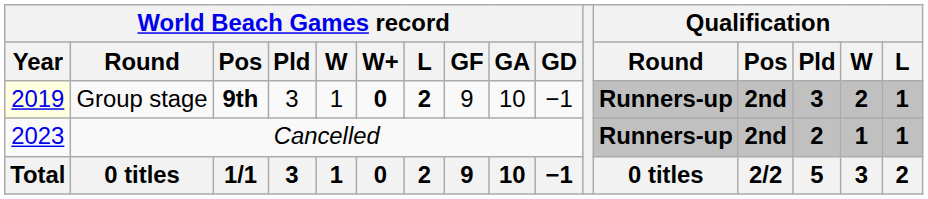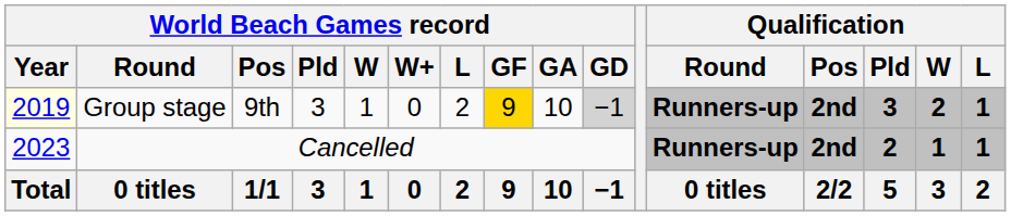 <table class="wikitable" style="text-align: center;">
 <tr>
 <th colspan=10><a href='#'>World Beach Games</a> record</th>
 <th rowspan=5></th>
 <th colspan=5>Qualification</th>
 </tr>
 <tr>
 <th>Year</th>
 <th>Round</th>
 <th width=20>Pos</th>
 <th width=20>Pld</th>
 <th width=20>W</th>
 <th width=20>W+</th>
 <th width=20>L</th>
 <th width=20>GF</th>
 <th width=20>GA</th>
 <th width=20>GD</th>
 <th>Round</th>
 <th width=20>Pos</th>
 <th width=20>Pld</th>
 <th width=20>W</th>
 <th width=20>L</th>
 </tr>
 <tr>
 <td style="background: lightyellow;"> <a href='#'>2019</a></td>
 <td>Group stage</td>
-<td><strong>9th</strong></td>
+<td>9th</td>
 <td>3</td>
 <td>1</td>
-<td><strong>0</strong></td>
-<td><strong>2</strong></td>
-<td>9</td>
+<td>0</td>
+<td>2</td>
+<td style="background: gold;">9</td>
 <td>10</td>
-<td>−1</td>
+<td style="background: lightgrey;">−1</td>
 <td bgcolor=silver><strong>Runners-up</strong></td>
 <td bgcolor=silver><strong>2nd</strong></td>
 <td bgcolor=silver><strong>3</strong></td>
 <td bgcolor=silver><strong>2</strong></td>
 <td bgcolor=silver><strong>1</strong></td>
 </tr>
 <tr>
 <td> <a href='#'>2023</a></td>
 <td colspan=9><em>Cancelled</em></td>
 <td bgcolor=silver><strong>Runners-up</strong></td>
 <td bgcolor=silver><strong>2nd</strong></td>
 <td bgcolor=silver><strong>2</strong></td>
 <td bgcolor=silver><strong>1</strong></td>
 <td bgcolor=silver><strong>1</strong></td>
 </tr>
 <tr>
 <th>Total</th>
 <th>0 titles</th>
 <th>1/1</th>
 <th>3</th>
 <th>1</th>
 <th>0</th>
 <th>2</th>
 <th>9</th>
 <th>10</th>
 <th>−1</th>
 <th>0 titles</th>
 <th>2/2</th>
 <th>5</th>
 <th>3</th>
 <th>2</th>
 </tr>
 </table>
